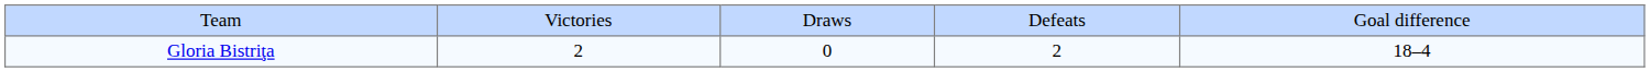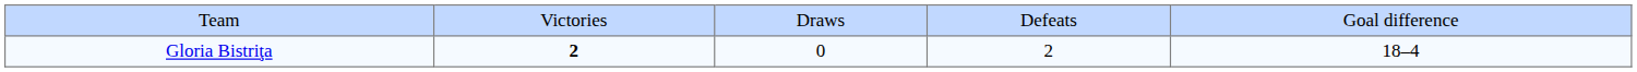 <table border=1 style="border-collapse:collapse; font-size:90%;" cellpadding=3 cellspacing=0 width=100%>
 <tr bgcolor=#C1D8FF align=center>
 <td>Team</td>
 <td>Victories</td>
 <td>Draws</td>
 <td>Defeats</td>
 <td>Goal difference</td>
 </tr>
 <tr align=center bgcolor=#F5FAFF>
 <td><a href='#'>Gloria Bistriţa</a></td>
-<td>2</td>
+<td><strong>2</strong></td>
 <td>0</td>
 <td>2</td>
 <td>18–4</td>
 </tr>
 </table>
